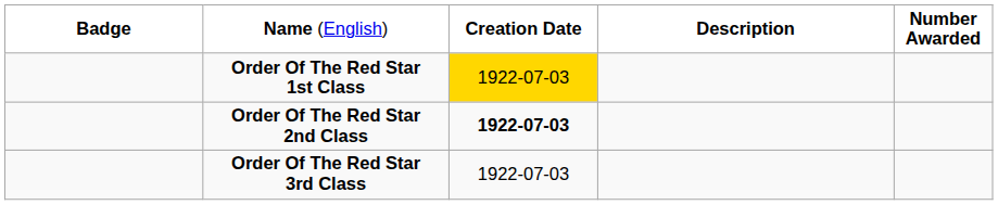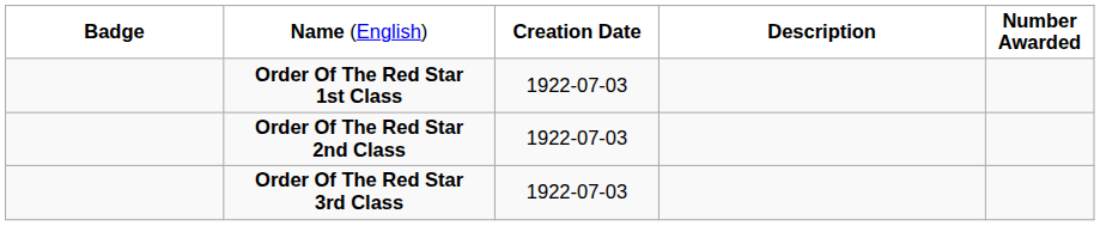 <table class="wikitable" width="100%" style="text-align:center;">
 <tr>
 <td width="20%" bgcolor="#FFFFFF"><strong>Badge</strong></td>
 <td width="25%" bgcolor="#FFFFFF"><strong>Name</strong> (<a href='#'>English</a>)</td>
 <td width="15%" bgcolor="#FFFFFF"><strong>Creation Date</strong></td>
 <td width="30%" bgcolor="#FFFFFF"><strong>Description</strong></td>
 <td width="10%" bgcolor="#FFFFFF"><strong>Number Awarded</strong></td>
 </tr>
 <tr>
 <td></td>
 <td><strong>Order Of The Red Star<br>1st Class</strong></td>
-<td style="background: gold;">1922-07-03</td>
+<td>1922-07-03</td>
 <td></td>
 <td></td>
 </tr>
 <tr>
 <td></td>
 <td><strong>Order Of The Red Star<br>2nd Class</strong></td>
-<td><strong>1922-07-03</strong></td>
+<td>1922-07-03</td>
 <td></td>
 <td></td>
 </tr>
 <tr>
 <td></td>
 <td><strong>Order Of The Red Star<br>3rd Class</strong></td>
 <td>1922-07-03</td>
 <td></td>
 <td></td>
 </tr>
 </table>
